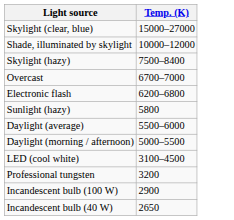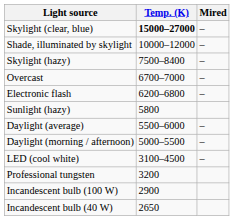 <table class="wikitable">
 <tr>
 <th>Light source</th>
 <th><a href='#'>Temp. (K)</a></th>
+<th>Mired</th>
 </tr>
 <tr>
 <td>Skylight (clear, blue)</td>
-<td class="mw-no-invert" style=>15000–27000</td>
+<td class="mw-no-invert" style=><strong>15000–27000</strong></td>
+<td>–</td>
 </tr>
 <tr>
 <td>Shade, illuminated by skylight</td>
 <td class="mw-no-invert" style=>10000–12000</td>
+<td>–</td>
 </tr>
 <tr>
 <td>Skylight (hazy)</td>
 <td class="mw-no-invert" style=>7500–8400</td>
+<td>–</td>
 </tr>
 <tr>
 <td>Overcast</td>
 <td class="mw-no-invert" style=>6700–7000</td>
+<td>–</td>
 </tr>
 <tr>
 <td>Electronic flash</td>
 <td class="mw-no-invert" style=>6200–6800</td>
+<td>–</td>
 </tr>
 <tr>
 <td>Sunlight (hazy)</td>
 <td class="mw-no-invert" style="background:#">5800</td>
+<td></td>
 </tr>
 <tr>
 <td>Daylight (average)</td>
 <td class="mw-no-invert" style=>5500–6000</td>
+<td>–</td>
 </tr>
 <tr>
 <td>Daylight (morning / afternoon)</td>
 <td class="mw-no-invert" style=>5000–5500</td>
+<td>–</td>
 </tr>
 <tr>
 <td>LED (cool white)</td>
 <td class="mw-no-invert" style=>3100–4500</td>
+<td>–</td>
 </tr>
 <tr>
 <td>Professional tungsten</td>
 <td class="mw-no-invert" style="background:#">3200</td>
+<td></td>
 </tr>
 <tr>
 <td>Incandescent bulb (100 W)</td>
 <td class="mw-no-invert" style="background:#">2900</td>
+<td></td>
 </tr>
 <tr>
 <td>Incandescent bulb (40 W)</td>
 <td class="mw-no-invert" style="background:#">2650</td>
+<td></td>
 </tr>
 </table>
